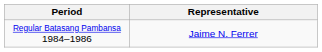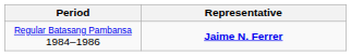 <table class="wikitable" style="text-align:center; width:40%;">
 <tr>
 <th width=40%>Period</th>
 <th>Representative</th>
 </tr>
 <tr>
 <td><small><a href='#'>Regular Batasang Pambansa</a></small><br>1984–1986</td>
-<td><a href='#'>Jaime N. Ferrer</a></td>
+<td><strong><a href='#'>Jaime N. Ferrer</a></strong></td>
 </tr>
 </table>
